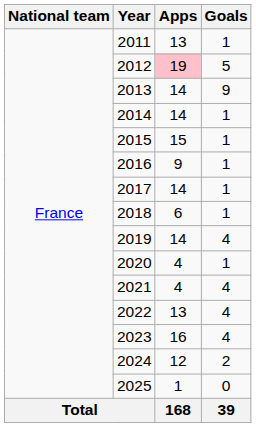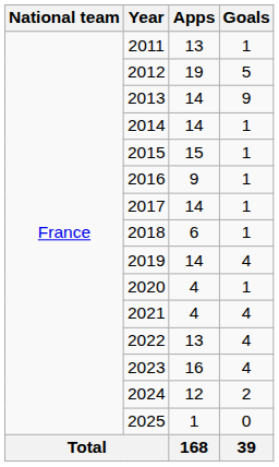 <table class="wikitable" style="text-align:center">
 <tr>
 <th>National team</th>
 <th>Year</th>
 <th>Apps</th>
 <th>Goals</th>
 </tr>
 <tr>
 <td rowspan=15><a href='#'>France</a></td>
 <td>2011</td>
 <td>13</td>
 <td>1</td>
 </tr>
 <tr>
 <td>2012</td>
-<td style="background: pink;">19</td>
+<td>19</td>
 <td>5</td>
 </tr>
 <tr>
 <td>2013</td>
 <td>14</td>
 <td>9</td>
 </tr>
 <tr>
 <td>2014</td>
 <td>14</td>
 <td>1</td>
 </tr>
 <tr>
 <td>2015</td>
 <td>15</td>
 <td>1</td>
 </tr>
 <tr>
 <td>2016</td>
 <td>9</td>
 <td>1</td>
 </tr>
 <tr>
 <td>2017</td>
 <td>14</td>
 <td>1</td>
 </tr>
 <tr>
 <td>2018</td>
 <td>6</td>
 <td>1</td>
 </tr>
 <tr>
 <td>2019</td>
 <td>14</td>
 <td>4</td>
 </tr>
 <tr>
 <td>2020</td>
 <td>4</td>
 <td>1</td>
 </tr>
 <tr>
 <td>2021</td>
 <td>4</td>
 <td>4</td>
 </tr>
 <tr>
 <td>2022</td>
 <td>13</td>
 <td>4</td>
 </tr>
 <tr>
 <td>2023</td>
 <td>16</td>
 <td>4</td>
 </tr>
 <tr>
 <td>2024</td>
 <td>12</td>
 <td>2</td>
 </tr>
 <tr>
 <td>2025</td>
 <td>1</td>
 <td>0</td>
 </tr>
 <tr>
 <th colspan=2>Total</th>
 <th>168</th>
 <th>39</th>
 </tr>
 </table>
